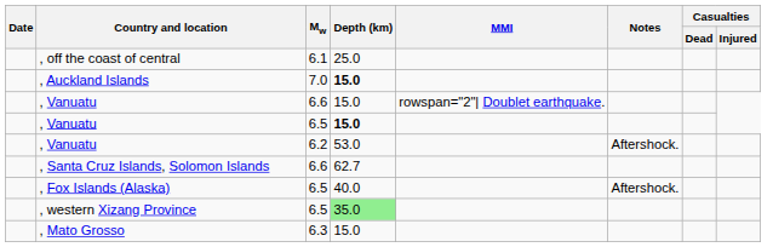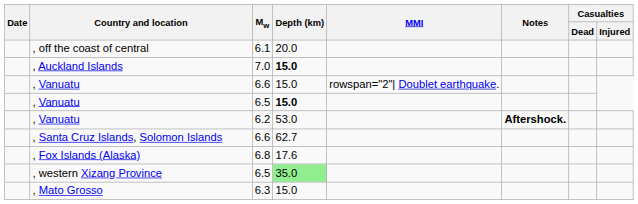 <table class="wikitable sortable sort-under" style="border:1px black; margin-left:1em;">
 <tr>
 <th rowspan="2"><small>Date</small></th>
 <th rowspan="2" style="width: 310px"><small>Country and location</small></th>
 <th rowspan="2"><small>M<sub>w</sub></small></th>
 <th rowspan="2"><small>Depth (km)</small></th>
 <th rowspan="2"><small><a href='#'>MMI</a></small></th>
 <th rowspan="2" class="unsortable"><small>Notes</small></th>
 <th colspan="2"><small>Casualties</small></th>
 </tr>
 <tr>
 <th><small>Dead</small></th>
 <th><small>Injured</small></th>
 </tr>
 <tr>
 <td></td>
 <td>, off the coast of central</td>
 <td>6.1</td>
-<td>25.0</td>
+<td>20.0</td>
 <td></td>
 <td></td>
 <td></td>
 <td></td>
 </tr>
 <tr>
 <td></td>
 <td>, <a href='#'>Auckland Islands</a></td>
 <td>7.0</td>
 <td><strong>15.0</strong></td>
 <td></td>
 <td></td>
 <td></td>
 <td></td>
 </tr>
 <tr>
 <td></td>
 <td>, <a href='#'>Vanuatu</a></td>
 <td>6.6</td>
 <td>15.0</td>
 <td>rowspan="2"| <a href='#'>Doublet earthquake</a>.</td>
 <td></td>
 <td></td>
 </tr>
 <tr>
 <td></td>
 <td>, <a href='#'>Vanuatu</a></td>
 <td>6.5</td>
 <td><strong>15.0</strong></td>
 <td></td>
 <td></td>
 <td></td>
 </tr>
 <tr>
 <td></td>
 <td>, <a href='#'>Vanuatu</a></td>
 <td>6.2</td>
 <td>53.0</td>
 <td></td>
-<td>Aftershock.</td>
+<td><strong>Aftershock.</strong></td>
 <td></td>
 <td></td>
 </tr>
 <tr>
 <td></td>
 <td>, <a href='#'>Santa Cruz Islands</a>, <a href='#'>Solomon Islands</a></td>
 <td>6.6</td>
 <td>62.7</td>
 <td></td>
 <td></td>
 <td></td>
 <td></td>
 </tr>
 <tr>
 <td></td>
 <td>, <a href='#'>Fox Islands (Alaska)</a></td>
-<td>6.5</td>
-<td>40.0</td>
+<td>6.8</td>
+<td>17.6</td>
 <td></td>
-<td>Aftershock.</td>
+<td></td>
 <td></td>
 <td></td>
 </tr>
 <tr>
 <td></td>
 <td>, western <a href='#'>Xizang Province</a></td>
 <td>6.5</td>
 <td style="background: lightgreen;">35.0</td>
 <td></td>
 <td></td>
 <td></td>
 <td></td>
 </tr>
 <tr>
 <td></td>
 <td>, <a href='#'>Mato Grosso</a></td>
 <td>6.3</td>
 <td>15.0</td>
 <td></td>
 <td></td>
 <td></td>
 <td></td>
 </tr>
 </table>
